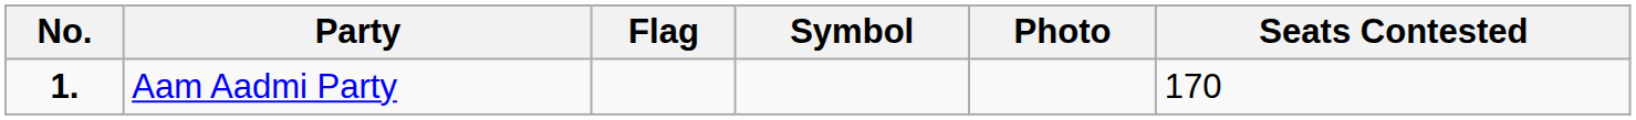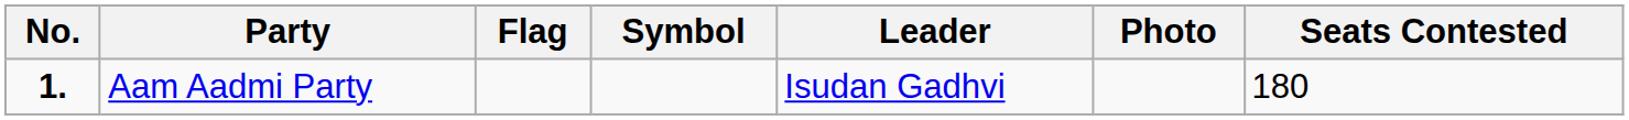 <table class="wikitable" width="60%">
 <tr>
 <th>No.</th>
 <th>Party</th>
 <th>Flag</th>
 <th>Symbol</th>
+<th>Leader</th>
 <th>Photo</th>
 <th>Seats Contested</th>
 </tr>
 <tr>
 <td style="text-align:center; background:"><strong>1.</strong></td>
 <td><a href='#'>Aam Aadmi Party</a></td>
 <td></td>
 <td></td>
+<td><a href='#'>Isudan Gadhvi</a></td>
 <td></td>
-<td>170</td>
+<td>180</td>
 </tr>
 </table>
